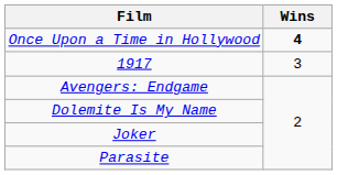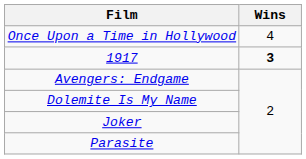 <table class="wikitable" rowspan="2" style="text-align:center;" background: #f6e39c;>
 <tr>
 <th scope="col" style="text-align:center;">Film</th>
 <th scope="col" style="width:55px;">Wins</th>
 </tr>
 <tr>
 <td><em><a href='#'>Once Upon a Time in Hollywood</a></em></td>
-<td style="text-align:center"><strong>4</strong></td>
+<td style="text-align:center">4</td>
 </tr>
 <tr>
 <td><em><a href='#'>1917</a></em></td>
-<td style="text-align:center">3</td>
+<td style="text-align:center"><strong>3</strong></td>
 </tr>
 <tr>
 <td><em><a href='#'>Avengers: Endgame</a></em></td>
 <td rowspan=4 style="text-align:center">2</td>
 </tr>
 <tr>
 <td><em><a href='#'>Dolemite Is My Name</a></em></td>
 </tr>
 <tr>
 <td><em><a href='#'>Joker</a></em></td>
 </tr>
 <tr>
 <td><em><a href='#'>Parasite</a></em></td>
 </tr>
 </table>
